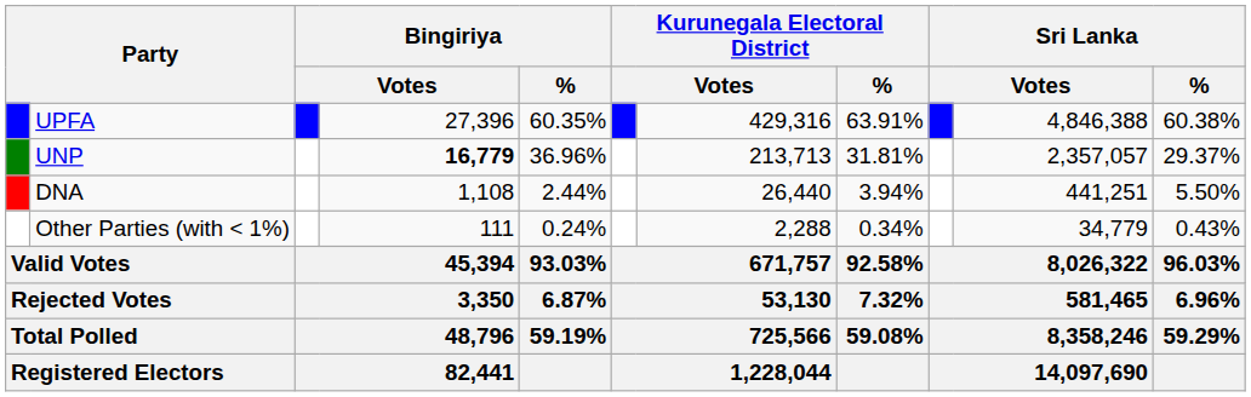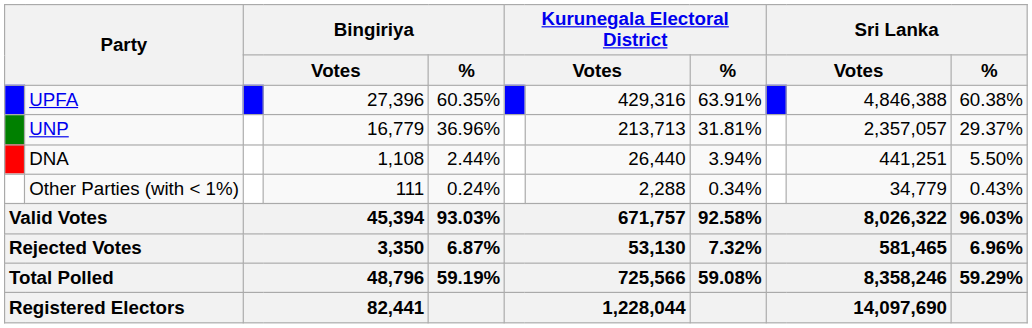 <table class="wikitable">
 <tr>
 <th colspan="2" width="144px"rowspan="2">Party</th>
 <th colspan="3" width="216px">Bingiriya</th>
 <th colspan="3" width="216px"><a href='#'>Kurunegala Electoral District</a></th>
 <th colspan="3" width="216px">Sri Lanka</th>
 </tr>
 <tr>
 <th colspan="2" width="144px">Votes</th>
 <th>%</th>
 <th colspan="2" width="144px">Votes</th>
 <th>%</th>
 <th colspan="2" width="144px">Votes</th>
 <th>%</th>
 </tr>
 <tr>
 <td style="background-color:blue;" width="10px"></td>
 <td style="text-align:left;"><a href='#'>UPFA</a></td>
 <td style="background-color:blue;" width="10px"></td>
 <td style="text-align:right;">27,396</td>
 <td style="text-align:right;">60.35%</td>
 <td style="background-color:blue;" width="10px"></td>
 <td style="text-align:right;">429,316</td>
 <td style="text-align:right;">63.91%</td>
 <td style="background-color:blue;" width="10px"></td>
 <td style="text-align:right;">4,846,388</td>
 <td style="text-align:right;">60.38%</td>
 </tr>
 <tr>
 <td style="background-color:green;" width="10px"></td>
 <td style="text-align:left;"><a href='#'>UNP</a></td>
 <td style="background-color:white;" width="10px"></td>
-<td style="text-align:right;"><strong>16,779</strong></td>
+<td style="text-align:right;">16,779</td>
 <td style="text-align:right;">36.96%</td>
 <td style="background-color:white;" width="10px"></td>
 <td style="text-align:right;">213,713</td>
 <td style="text-align:right;">31.81%</td>
 <td style="background-color:white;" width="10px"></td>
 <td style="text-align:right;">2,357,057</td>
 <td style="text-align:right;">29.37%</td>
 </tr>
 <tr>
 <td style="background-color:red;" width="10px"></td>
 <td style="text-align:left;">DNA</td>
 <td style="background-color:white;" width="10px"></td>
 <td style="text-align:right;">1,108</td>
 <td style="text-align:right;">2.44%</td>
 <td style="background-color:white;" width="10px"></td>
 <td style="text-align:right;">26,440</td>
 <td style="text-align:right;">3.94%</td>
 <td style="background-color:white;" width="10px"></td>
 <td style="text-align:right;">441,251</td>
 <td style="text-align:right;">5.50%</td>
 </tr>
 <tr>
 <td style="background-color:white;" width="10px"></td>
 <td style="text-align:left;">Other Parties (with < 1%)</td>
 <td style="background-color:white;" width="10px"></td>
 <td style="text-align:right;">111</td>
 <td style="text-align:right;">0.24%</td>
 <td style="background-color:white;" width="10px"></td>
 <td style="text-align:right;">2,288</td>
 <td style="text-align:right;">0.34%</td>
 <td style="background-color:white;" width="10px"></td>
 <td style="text-align:right;">34,779</td>
 <td style="text-align:right;">0.43%</td>
 </tr>
 <tr>
 <th colspan="2" width="144px"style="text-align:left;">Valid Votes</th>
 <th style="text-align:right;"colspan="2" width="144px">45,394</th>
 <th style="text-align:right;">93.03%</th>
 <th style="text-align:right;"colspan="2" width="144px">671,757</th>
 <th style="text-align:right;">92.58%</th>
 <th style="text-align:right;"colspan="2" width="144px">8,026,322</th>
 <th style="text-align:right;">96.03%</th>
 </tr>
 <tr>
 <th colspan="2" width="144px"style="text-align:left;">Rejected Votes</th>
 <th style="text-align:right;"colspan="2" width="144px">3,350</th>
 <th style="text-align:right;">6.87%</th>
 <th style="text-align:right;"colspan="2" width="144px">53,130</th>
 <th style="text-align:right;">7.32%</th>
 <th style="text-align:right;"colspan="2" width="144px">581,465</th>
 <th style="text-align:right;">6.96%</th>
 </tr>
 <tr>
 <th colspan="2" width="144px"style="text-align:left;">Total Polled</th>
 <th style="text-align:right;"colspan="2" width="144px">48,796</th>
 <th style="text-align:right;">59.19%</th>
 <th style="text-align:right;"colspan="2" width="144px">725,566</th>
 <th style="text-align:right;">59.08%</th>
 <th style="text-align:right;"colspan="2" width="144px">8,358,246</th>
 <th style="text-align:right;">59.29%</th>
 </tr>
 <tr>
 <th colspan="2" width="144px"style="text-align:left;">Registered Electors</th>
 <th style="text-align:right;"colspan="2" width="144px">82,441</th>
 <th></th>
 <th style="text-align:right;"colspan="2" width="144px">1,228,044</th>
 <th></th>
 <th style="text-align:right;"colspan="2" width="144px">14,097,690</th>
 <th></th>
 </tr>
 </table>
